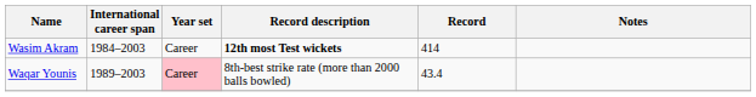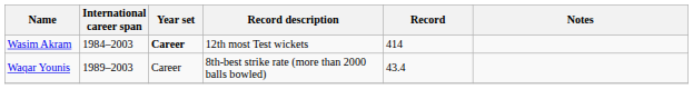 <table class="wikitable ">
 <tr>
 <th scope="col" style="width:100px;">Name</th>
 <th scope="col" style="width:90px;">International career span</th>
 <th scope="col" style="width:70px;">Year set</th>
 <th scope="col" style="width:250px;">Record description</th>
 <th scope="col" style="width:120px;">Record</th>
 <th scope="col" style="width:300px;">Notes</th>
 </tr>
 <tr>
 <td><a href='#'>Wasim Akram</a></td>
 <td>1984–2003</td>
-<td>Career</td>
-<td><strong>12th most Test wickets</strong></td>
+<td><strong>Career</strong></td>
+<td>12th most Test wickets</td>
 <td>414</td>
 <td><br></td>
 </tr>
 <tr>
 <td><a href='#'>Waqar Younis</a></td>
 <td>1989–2003</td>
-<td style="background: pink;">Career</td>
+<td>Career</td>
 <td>8th-best strike rate (more than 2000 balls bowled)</td>
 <td>43.4</td>
 <td></td>
 </tr>
 <tr>
 </tr>
 </table>
